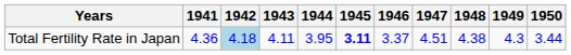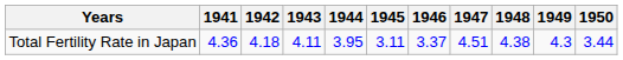 <table class="wikitable " style="text-align:right">
 <tr>
 <th>Years</th>
 <th>1941</th>
 <th>1942</th>
 <th>1943</th>
 <th>1944</th>
 <th>1945</th>
 <th>1946</th>
 <th>1947</th>
 <th>1948</th>
 <th>1949</th>
 <th>1950</th>
 </tr>
 <tr>
 <td align="left">Total Fertility Rate in Japan</td>
 <td style="text-align:right; color:blue;">4.36</td>
-<td style="background: lightblue; text-align:right; color:blue;">4.18</td>
+<td style="text-align:right; color:blue;">4.18</td>
 <td style="text-align:right; color:blue;">4.11</td>
 <td style="text-align:right; color:blue;">3.95</td>
-<td style="text-align:right; color:blue;"><strong>3.11</strong></td>
+<td style="text-align:right; color:blue;">3.11</td>
 <td style="text-align:right; color:blue;">3.37</td>
 <td style="text-align:right; color:blue;">4.51</td>
 <td style="text-align:right; color:blue;">4.38</td>
 <td style="text-align:right; color:blue;">4.3</td>
 <td style="text-align:right; color:blue;">3.44</td>
 </tr>
 </table>
